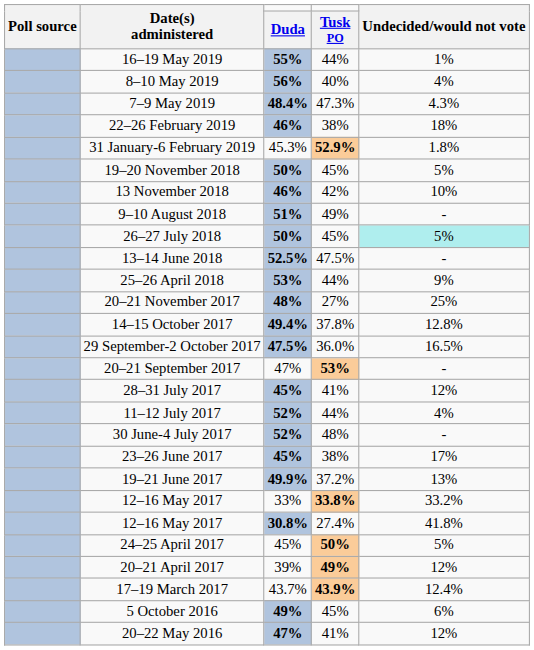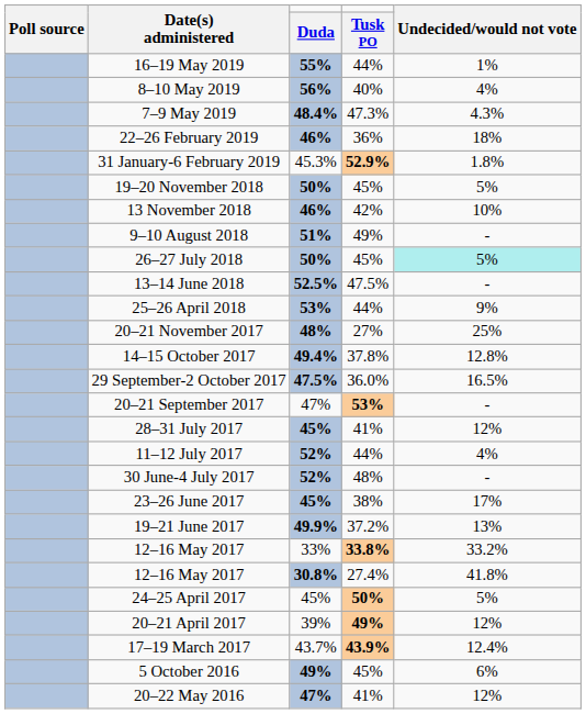 <table class="wikitable" style="text-align:center;font-size:85%;line-height:14px;">
 <tr>
 <th rowspan="2">Poll source</th>
 <th rowspan="2">Date(s)<br>administered</th>
 <td></td>
 <td></td>
 <th rowspan="2">Undecided/would not vote</th>
 </tr>
 <tr>
 <th><a href='#'>Duda</a><br></th>
 <th><a href='#'>Tusk</a><br><small><a href='#'>PO</a></small></th>
 </tr>
 <tr>
 <td style="background:lightsteelblue;"></td>
 <td>16–19 May 2019</td>
 <td style="background:lightsteelblue;"><strong>55%</strong></td>
 <td>44%</td>
 <td>1%</td>
 </tr>
 <tr>
 <td style="background:lightsteelblue;"></td>
 <td>8–10 May 2019</td>
 <td style="background:lightsteelblue;"><strong>56%</strong></td>
 <td>40%</td>
 <td>4%</td>
 </tr>
 <tr>
 <td style="background:lightsteelblue;"></td>
 <td>7–9 May 2019</td>
 <td style="background:lightsteelblue;"><strong>48.4%</strong></td>
 <td>47.3%</td>
 <td>4.3%</td>
 </tr>
 <tr>
 <td style="background:lightsteelblue;"></td>
 <td>22–26 February 2019</td>
 <td style="background:lightsteelblue;"><strong>46%</strong></td>
-<td>38%</td>
+<td>36%</td>
 <td>18%</td>
 </tr>
 <tr>
 <td style="background:lightsteelblue;"></td>
 <td>31 January-6 February 2019</td>
 <td>45.3%</td>
 <td style="background:#fbcc99;"><strong>52.9%</strong></td>
 <td>1.8%</td>
 </tr>
 <tr>
 <td style="background:lightsteelblue;"></td>
 <td>19–20 November 2018</td>
 <td style="background:lightsteelblue;"><strong>50%</strong></td>
 <td>45%</td>
 <td>5%</td>
 </tr>
 <tr>
 <td style="background:lightsteelblue;"></td>
 <td>13 November 2018</td>
 <td style="background:lightsteelblue;"><strong>46%</strong></td>
 <td>42%</td>
 <td>10%</td>
 </tr>
 <tr>
 <td style="background:lightsteelblue;"></td>
 <td>9–10 August 2018</td>
 <td style="background:lightsteelblue;"><strong>51%</strong></td>
 <td>49%</td>
 <td>-</td>
 </tr>
 <tr>
 <td style="background:lightsteelblue;"></td>
 <td>26–27 July 2018</td>
 <td style="background:lightsteelblue;"><strong>50%</strong></td>
 <td>45%</td>
 <td style="background: paleturquoise;">5%</td>
 </tr>
 <tr>
 <td style="background:lightsteelblue;"></td>
 <td>13–14 June 2018</td>
 <td style="background:lightsteelblue;"><strong>52.5%</strong></td>
 <td>47.5%</td>
 <td>-</td>
 </tr>
 <tr>
 <td style="background:lightsteelblue;"></td>
 <td>25–26 April 2018</td>
 <td style="background:lightsteelblue;"><strong>53%</strong></td>
 <td>44%</td>
 <td>9%</td>
 </tr>
 <tr>
 <td style="background:lightsteelblue;"></td>
 <td>20–21 November 2017</td>
 <td style="background:lightsteelblue;"><strong>48%</strong></td>
 <td>27%</td>
 <td>25%</td>
 </tr>
 <tr>
 <td style="background:lightsteelblue;"></td>
 <td>14–15 October 2017</td>
 <td style="background:lightsteelblue;"><strong>49.4%</strong></td>
 <td>37.8%</td>
 <td>12.8%</td>
 </tr>
 <tr>
 <td style="background:lightsteelblue;"></td>
 <td>29 September-2 October 2017</td>
 <td style="background:lightsteelblue;"><strong>47.5%</strong></td>
 <td>36.0%</td>
 <td>16.5%</td>
 </tr>
 <tr>
 <td style="background:lightsteelblue;"></td>
 <td>20–21 September 2017</td>
 <td>47%</td>
 <td style="background:#fbcc99;"><strong>53%</strong></td>
 <td>-</td>
 </tr>
 <tr>
 <td style="background:lightsteelblue;"></td>
 <td>28–31 July 2017</td>
 <td style="background:lightsteelblue;"><strong>45%</strong></td>
 <td>41%</td>
 <td>12%</td>
 </tr>
 <tr>
 <td style="background:lightsteelblue;"></td>
 <td>11–12 July 2017</td>
 <td style="background:lightsteelblue;"><strong>52%</strong></td>
 <td>44%</td>
 <td>4%</td>
 </tr>
 <tr>
 <td style="background:lightsteelblue;"></td>
 <td>30 June-4 July 2017</td>
 <td style="background:lightsteelblue;"><strong>52%</strong></td>
 <td>48%</td>
 <td>-</td>
 </tr>
 <tr>
 <td style="background:lightsteelblue;"></td>
 <td>23–26 June 2017</td>
 <td style="background:lightsteelblue;"><strong>45%</strong></td>
 <td>38%</td>
 <td>17%</td>
 </tr>
 <tr>
 <td style="background:lightsteelblue;"></td>
 <td>19–21 June 2017</td>
 <td style="background:lightsteelblue;"><strong>49.9%</strong></td>
 <td>37.2%</td>
 <td>13%</td>
 </tr>
 <tr>
 <td style="background:lightsteelblue;"></td>
 <td>12–16 May 2017</td>
 <td>33%</td>
 <td style="background:#fbcc99;"><strong>33.8%</strong></td>
 <td>33.2%</td>
 </tr>
 <tr>
 <td style="background:lightsteelblue;"></td>
 <td>12–16 May 2017</td>
 <td style="background:lightsteelblue;"><strong>30.8%</strong></td>
 <td>27.4%</td>
 <td>41.8%</td>
 </tr>
 <tr>
 <td style="background:lightsteelblue;"></td>
 <td>24–25 April 2017</td>
 <td>45%</td>
 <td style="background:#fbcc99;"><strong>50%</strong></td>
 <td>5%</td>
 </tr>
 <tr>
 <td style="background:lightsteelblue;"></td>
 <td>20–21 April 2017</td>
 <td>39%</td>
 <td style="background:#fbcc99;"><strong>49%</strong></td>
 <td>12%</td>
 </tr>
 <tr>
 <td style="background:lightsteelblue;"></td>
 <td>17–19 March 2017</td>
 <td>43.7%</td>
 <td style="background:#fbcc99;"><strong>43.9%</strong></td>
 <td>12.4%</td>
 </tr>
 <tr>
 <td style="background:lightsteelblue;"></td>
 <td>5 October 2016</td>
 <td style="background:lightsteelblue;"><strong>49%</strong></td>
 <td>45%</td>
 <td>6%</td>
 </tr>
 <tr>
 <td style="background:lightsteelblue;"></td>
 <td>20–22 May 2016</td>
 <td style="background:lightsteelblue;"><strong>47%</strong></td>
 <td>41%</td>
 <td>12%</td>
 </tr>
 </table>
